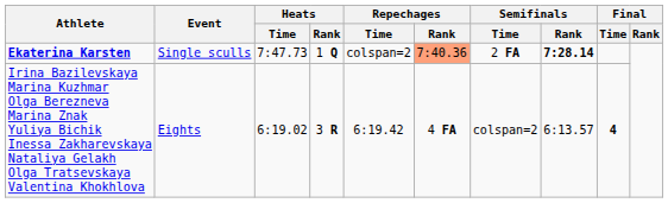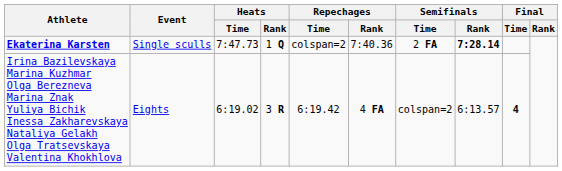 <table class="wikitable" style="font-size:90%; text-align:center">
 <tr style="font-size:95%">
 <th rowspan="2">Athlete</th>
 <th rowspan="2">Event</th>
 <th colspan="2">Heats</th>
 <th colspan="2">Repechages</th>
 <th colspan="2">Semifinals</th>
 <th colspan="2">Final</th>
 </tr>
 <tr style="font-size:95%">
 <th>Time</th>
 <th>Rank</th>
 <th>Time</th>
 <th>Rank</th>
 <th>Time</th>
 <th>Rank</th>
 <th>Time</th>
 <th>Rank</th>
 </tr>
 <tr>
 <td align=left><strong><a href='#'>Ekaterina Karsten</a></strong></td>
 <td align=left><a href='#'>Single sculls</a></td>
 <td>7:47.73</td>
 <td>1 <strong>Q</strong></td>
 <td>colspan=2 </td>
-<td style="background: lightsalmon;">7:40.36</td>
+<td>7:40.36</td>
 <td>2 <strong>FA</strong></td>
 <td><strong>7:28.14</strong></td>
 <td></td>
 </tr>
 <tr>
 <td align=left><a href='#'>Irina Bazilevskaya</a><br><a href='#'>Marina Kuzhmar</a><br><a href='#'>Olga Berezneva</a><br><a href='#'>Marina Znak</a><br><a href='#'>Yuliya Bichik</a><br><a href='#'>Inessa Zakharevskaya</a><br><a href='#'>Nataliya Gelakh</a><br><a href='#'>Olga Tratsevskaya</a><br><a href='#'>Valentina Khokhlova</a></td>
 <td align=left><a href='#'>Eights</a></td>
 <td>6:19.02</td>
 <td>3 <strong>R</strong></td>
 <td>6:19.42</td>
 <td>4 <strong>FA</strong></td>
 <td>colspan=2 </td>
 <td>6:13.57</td>
 <td><strong>4</strong></td>
 </tr>
 </table>
